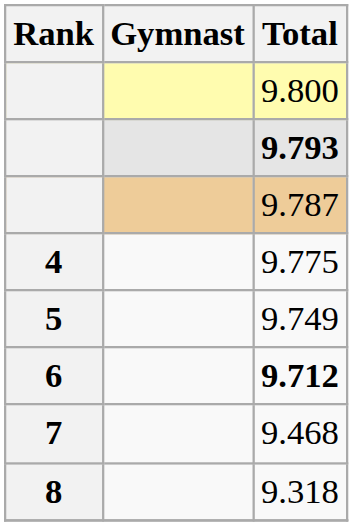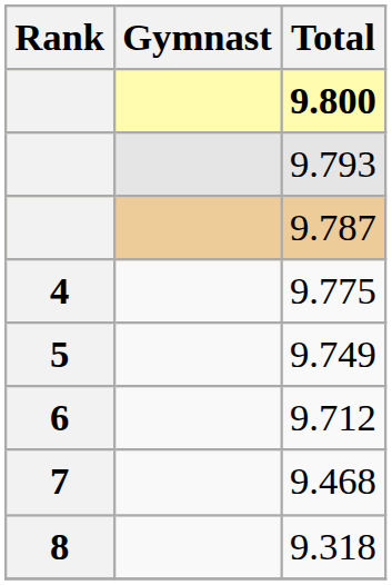 <table class="wikitable sortable" style="text-align:center; font-size:95%">
 <tr>
 <th scope=col>Rank</th>
 <th scope=col>Gymnast</th>
 <th scope=col>Total</th>
 </tr>
 <tr bgcolor=fffcaf>
 <th scope=row style="text-align:center"></th>
 <td align=left></td>
-<td>9.800</td>
+<td><strong>9.800</strong></td>
 </tr>
 <tr bgcolor=e5e5e5>
 <th scope=row style="text-align:center"></th>
 <td align=left></td>
-<td><strong>9.793</strong></td>
+<td>9.793</td>
 </tr>
 <tr bgcolor=eecc99>
 <th scope=row style="text-align:center"></th>
 <td align=left></td>
 <td>9.787</td>
 </tr>
 <tr>
 <th scope=row style="text-align:center">4</th>
 <td align=left></td>
 <td>9.775</td>
 </tr>
 <tr>
 <th scope=row style="text-align:center">5</th>
 <td align=left></td>
 <td>9.749</td>
 </tr>
 <tr>
 <th scope=row style="text-align:center">6</th>
 <td align=left></td>
-<td><strong>9.712</strong></td>
+<td>9.712</td>
 </tr>
 <tr>
 <th scope=row style="text-align:center">7</th>
 <td align=left></td>
 <td>9.468</td>
 </tr>
 <tr>
 <th scope=row style="text-align:center">8</th>
 <td align=left></td>
 <td>9.318</td>
 </tr>
 <tr>
 </tr>
 </table>
